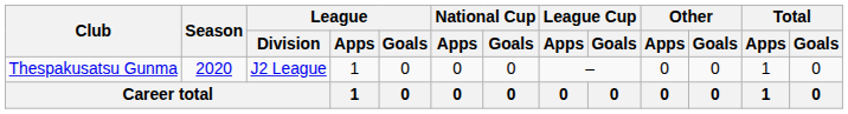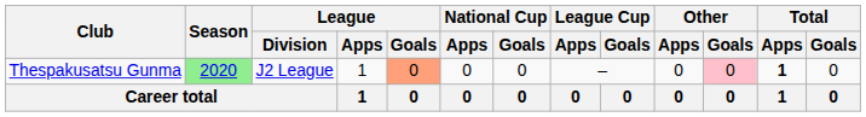 <table class="wikitable" style="text-align: center">
 <tr>
 <th rowspan="2">Club</th>
 <th rowspan="2">Season</th>
 <th colspan="3">League</th>
 <th colspan="2">National Cup</th>
 <th colspan="2">League Cup</th>
 <th colspan="2">Other</th>
 <th colspan="2">Total</th>
 </tr>
 <tr>
 <th>Division</th>
 <th>Apps</th>
 <th>Goals</th>
 <th>Apps</th>
 <th>Goals</th>
 <th>Apps</th>
 <th>Goals</th>
 <th>Apps</th>
 <th>Goals</th>
 <th>Apps</th>
 <th>Goals</th>
 </tr>
 <tr>
 <td><a href='#'>Thespakusatsu Gunma</a></td>
-<td><a href='#'>2020</a></td>
+<td style="background: lightgreen;"><a href='#'>2020</a></td>
 <td><a href='#'>J2 League</a></td>
 <td>1</td>
-<td>0</td>
+<td style="background: lightsalmon;">0</td>
 <td>0</td>
 <td>0</td>
 <td colspan="2">–</td>
 <td>0</td>
-<td>0</td>
-<td>1</td>
+<td style="background: pink;">0</td>
+<td><strong>1</strong></td>
 <td>0</td>
 </tr>
 <tr>
 <th colspan=3>Career total</th>
 <th>1</th>
 <th>0</th>
 <th>0</th>
 <th>0</th>
 <th>0</th>
 <th>0</th>
 <th>0</th>
 <th>0</th>
 <th>1</th>
 <th>0</th>
 </tr>
 </table>
